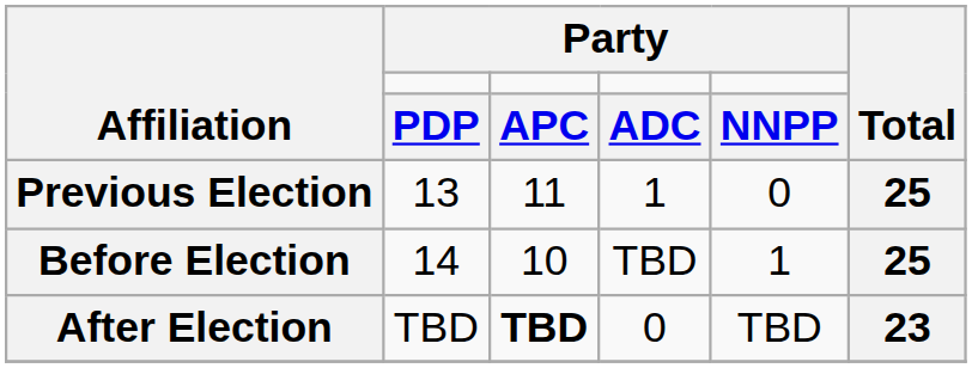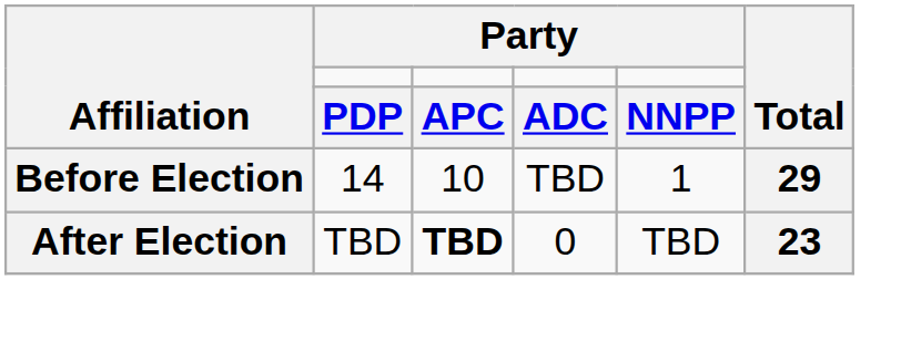 <table class=wikitable style="text-align:center">
 <tr style="vertical-align:bottom;">
 <th rowspan=3>Affiliation</th>
 <th colspan=4>Party</th>
 <th rowspan=3>Total</th>
 </tr>
 <tr>
 <td style="background-color:"></td>
 <td style="background-color:"></td>
 <td style="background-color:"></td>
 <td style="background-color:"></td>
 </tr>
 <tr>
 <th><a href='#'>PDP</a></th>
 <th><a href='#'>APC</a></th>
 <th><a href='#'>ADC</a></th>
 <th><a href='#'>NNPP</a></th>
 </tr>
 <tr>
-<th>Previous Election</th>
-<td>13</td>
-<td>11</td>
-<td>1</td>
-<td>0</td>
-<th>25</th>
-</tr>
-<tr>
 <th>Before Election</th>
 <td>14</td>
 <td>10</td>
 <td>TBD</td>
 <td>1</td>
-<th>25</th>
+<th>29</th>
 </tr>
 <tr>
 <th>After Election</th>
 <td>TBD</td>
 <td><strong>TBD</strong></td>
 <td>0</td>
 <td>TBD</td>
 <th>23</th>
 </tr>
 <tr>
 </tr>
 </table>
